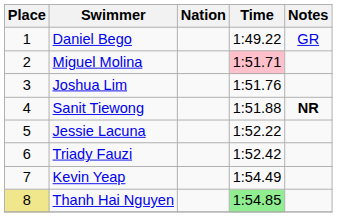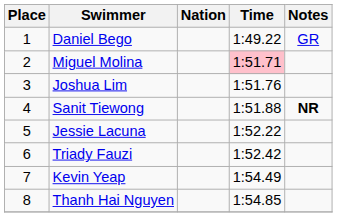 <table class="wikitable sortable" style="text-align:center">
 <tr>
 <th>Place</th>
 <th>Swimmer</th>
 <th>Nation</th>
 <th>Time</th>
 <th>Notes</th>
 </tr>
 <tr>
 <td>1</td>
 <td align=left><a href='#'>Daniel Bego</a></td>
 <td align=left></td>
 <td>1:49.22</td>
 <td><a href='#'>GR</a></td>
 </tr>
 <tr>
 <td>2</td>
 <td align=left><a href='#'>Miguel Molina</a></td>
 <td align=left></td>
 <td style="background: pink;">1:51.71</td>
 <td></td>
 </tr>
 <tr>
 <td>3</td>
 <td align=left><a href='#'>Joshua Lim</a></td>
 <td align=left></td>
 <td>1:51.76</td>
 <td></td>
 </tr>
 <tr>
 <td>4</td>
 <td align=left><a href='#'>Sanit Tiewong</a></td>
 <td align=left></td>
 <td>1:51.88</td>
 <td><strong>NR</strong></td>
 </tr>
 <tr>
 <td>5</td>
 <td align=left><a href='#'>Jessie Lacuna</a></td>
 <td align=left></td>
 <td>1:52.22</td>
 <td></td>
 </tr>
 <tr>
 <td>6</td>
 <td align=left><a href='#'>Triady Fauzi</a></td>
 <td align=left></td>
 <td>1:52.42</td>
 <td></td>
 </tr>
 <tr>
 <td>7</td>
 <td align=left><a href='#'>Kevin Yeap</a></td>
 <td align=left></td>
 <td>1:54.49</td>
 <td></td>
 </tr>
 <tr>
-<td style="background: khaki;">8</td>
+<td>8</td>
 <td align=left><a href='#'>Thanh Hai Nguyen</a></td>
 <td align=left></td>
-<td style="background: lightgreen;">1:54.85</td>
+<td>1:54.85</td>
 <td></td>
 </tr>
 <tr>
 </tr>
 </table>
